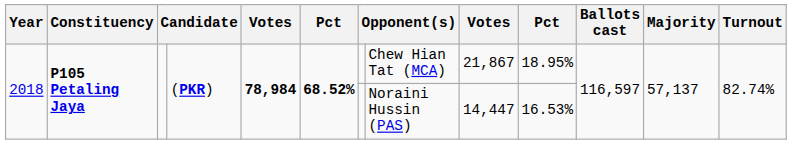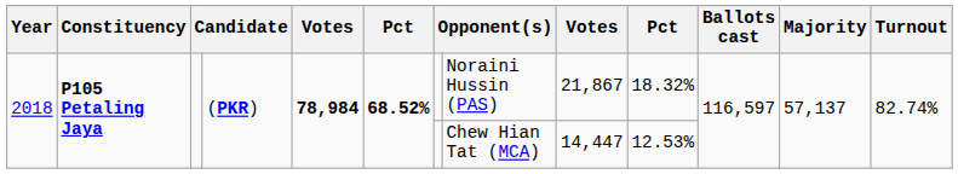 <table class="wikitable" style="margin:0.5em ; font-size:95%">
 <tr>
 <th>Year</th>
 <th>Constituency</th>
 <th colspan=2>Candidate</th>
 <th>Votes</th>
 <th>Pct</th>
 <th colspan=2>Opponent(s)</th>
 <th>Votes</th>
 <th>Pct</th>
 <th>Ballots cast</th>
 <th>Majority</th>
 <th>Turnout</th>
 </tr>
 <tr>
 <td rowspan="2"><a href='#'>2018</a></td>
 <td rowspan=2><strong>P105 <a href='#'>Petaling Jaya</a></strong></td>
 <td rowspan="2" ></td>
 <td rowspan="2"> (<a href='#'><strong>PKR</strong></a>)</td>
 <td rowspan="2" align=right><strong>78,984</strong></td>
 <td rowspan="2"><strong>68.52%</strong></td>
 <td></td>
-<td>Chew Hian Tat (<a href='#'>MCA</a>)</td>
+<td>Noraini Hussin (<a href='#'>PAS</a>)</td>
 <td align=right>21,867</td>
-<td>18.95%</td>
+<td>18.32%</td>
 <td rowspan="2">116,597</td>
 <td rowspan="2">57,137</td>
 <td rowspan="2">82.74%</td>
 </tr>
 <tr>
 <td></td>
-<td>Noraini Hussin (<a href='#'>PAS</a>)</td>
+<td>Chew Hian Tat (<a href='#'>MCA</a>)</td>
 <td align=right>14,447</td>
-<td>16.53%</td>
+<td>12.53%</td>
 </tr>
 </table>
